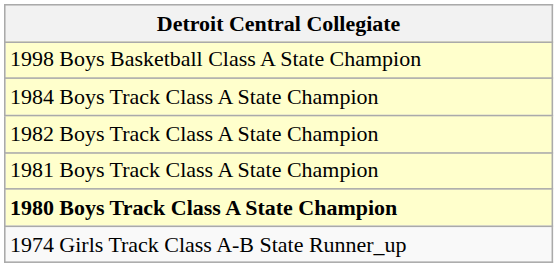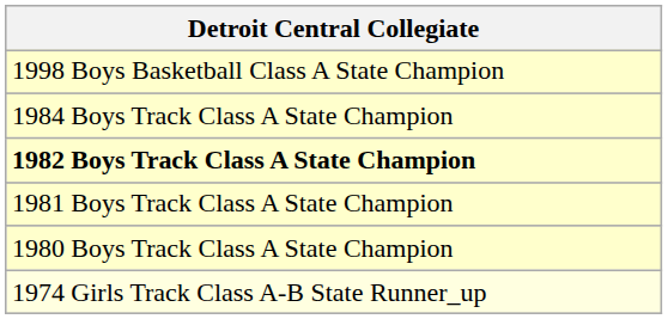 <table class="wikitable collapsible collapsed" style="min-width:25em; font-size:88%;">
 <tr>
 <th colspan="2">Detroit Central Collegiate</th>
 </tr>
 <tr style="background:#ffc;">
 <td>1998 Boys Basketball Class A State Champion</td>
 </tr>
 <tr style="background:#ffc;">
 <td>1984 Boys Track Class A State Champion</td>
 </tr>
 <tr style="background:#ffc;">
-<td>1982 Boys Track Class A State Champion</td>
+<td><strong>1982 Boys Track Class A State Champion</strong></td>
 </tr>
 <tr style="background:#ffc;">
 <td>1981 Boys Track Class A State Champion</td>
 </tr>
 <tr style="background:#ffc;">
-<td><strong>1980 Boys Track Class A State Champion</strong></td>
+<td>1980 Boys Track Class A State Champion</td>
 </tr>
 <tr>
-<td>1974 Girls Track Class A-B State Runner_up</td>
+<td style="background: lightyellow;">1974 Girls Track Class A-B State Runner_up</td>
 </tr>
 </table>
